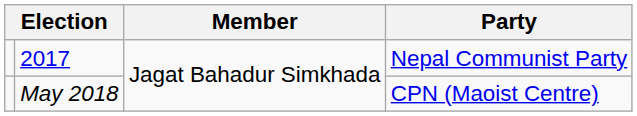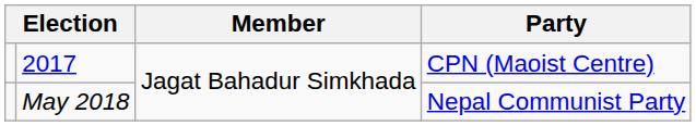 <table class="wikitable">
 <tr>
 <th colspan="2">Election</th>
 <th>Member</th>
 <th>Party</th>
 </tr>
 <tr>
 <td style="background-color:"></td>
 <td><a href='#'>2017</a></td>
 <td rowspan="2">Jagat Bahadur Simkhada</td>
-<td><a href='#'>Nepal Communist Party</a></td>
+<td><a href='#'>CPN (Maoist Centre)</a></td>
 </tr>
 <tr>
 <td style="background-color:"></td>
 <td><em>May 2018</em></td>
-<td><a href='#'>CPN (Maoist Centre)</a></td>
+<td><a href='#'>Nepal Communist Party</a></td>
 </tr>
 </table>
